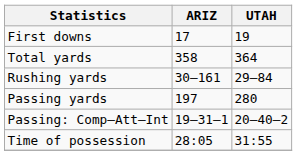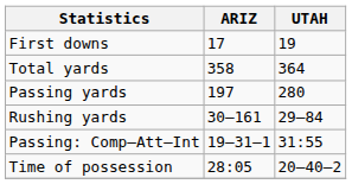 <table class="wikitable" style="float: left;">
 <tr>
 <th>Statistics</th>
 <th>ARIZ</th>
 <th>UTAH</th>
 </tr>
 <tr>
 <td>First downs</td>
 <td>17</td>
 <td>19</td>
 </tr>
 <tr>
 <td>Total yards</td>
 <td>358</td>
 <td>364</td>
 </tr>
 <tr>
+<td>Passing yards</td>
+<td>197</td>
+<td>280</td>
+</tr>
+<tr>
 <td>Rushing yards</td>
 <td>30–161</td>
 <td>29–84</td>
 </tr>
 <tr>
-<td>Passing yards</td>
-<td>197</td>
-<td>280</td>
-</tr>
-<tr>
 <td>Passing: Comp–Att–Int</td>
 <td>19–31–1</td>
-<td>20–40–2</td>
+<td>31:55</td>
 </tr>
 <tr>
 <td>Time of possession</td>
 <td>28:05</td>
-<td>31:55</td>
+<td>20–40–2</td>
 </tr>
 <tr>
 </tr>
 </table>
